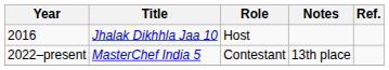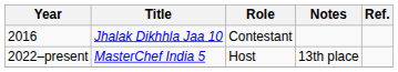 <table class="wikitable sortable">
 <tr>
 <th>Year</th>
 <th>Title</th>
 <th>Role</th>
 <th>Notes</th>
 <th>Ref.</th>
 </tr>
 <tr>
 <td>2016</td>
 <td><em><a href='#'>Jhalak Dikhhla Jaa 10</a></em></td>
-<td>Host</td>
+<td>Contestant</td>
 <td></td>
 <td></td>
 </tr>
 <tr>
 <td>2022–present</td>
 <td><em><a href='#'>MasterChef India 5</a></em></td>
-<td>Contestant</td>
+<td>Host</td>
 <td>13th place</td>
 <td></td>
 </tr>
 <tr>
 </tr>
 </table>
